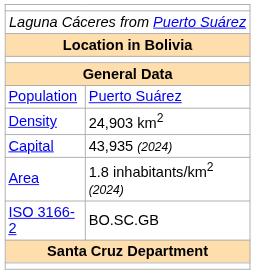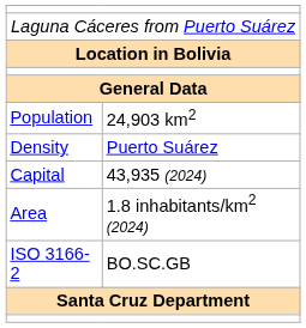 <table border=1 align=right cellpadding=3 cellspacing=0 width=270 style="margin: 0 0 1em 1em; border: 1px #aaa solid; border-collapse: collapse;">
 <tr>
 <td colspan="2" align="center" bgcolor="#ffffff"></td>
 </tr>
 <tr>
 <td colspan="2" align="center" bgcolor="#ffffff"><em>Laguna Cáceres from <a href='#'>Puerto Suárez</a></em></td>
 </tr>
 <tr>
 <th colspan="2" bgcolor="#FFDEAD">Location in Bolivia</th>
 </tr>
 <tr>
 <td colspan="2" align="center" bgcolor="#ffffff"></td>
 </tr>
 <tr>
 <th colspan="2" bgcolor="#FFDEAD">General Data</th>
 </tr>
 <tr>
 <td><a href='#'>Population</a></td>
-<td><a href='#'>Puerto Suárez</a></td>
+<td>24,903 km<sup>2</sup></td>
 </tr>
 <tr>
 <td><a href='#'>Density</a></td>
-<td>24,903 km<sup>2</sup></td>
+<td><a href='#'>Puerto Suárez</a></td>
 </tr>
 <tr>
 <td><a href='#'>Capital</a></td>
 <td>43,935 <em><small>(2024)</small></em></td>
 </tr>
 <tr>
 <td><a href='#'>Area</a></td>
 <td>1.8 inhabitants/km<sup>2</sup> <em><small>(2024)</small></em></td>
 </tr>
 <tr>
 <td><a href='#'>ISO 3166-2</a></td>
 <td>BO.SC.GB</td>
 </tr>
 <tr>
 <th colspan="2" bgcolor="#FFDEAD">Santa Cruz Department</th>
 </tr>
 <tr>
 <td colspan="2" align="center" bgcolor="#ffffff"></td>
 </tr>
 </table>
